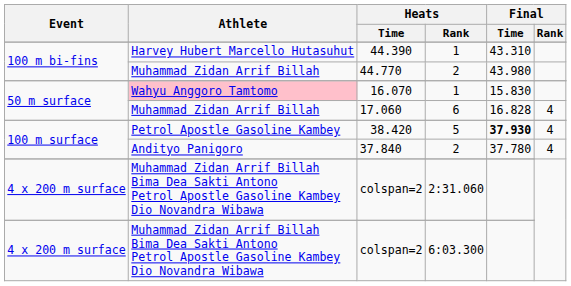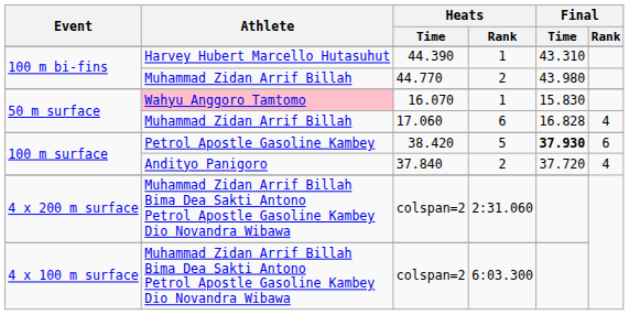 <table class=wikitable style="font-size:90%">
 <tr>
 <th rowspan="2">Event</th>
 <th rowspan="2">Athlete</th>
 <th colspan="2">Heats</th>
 <th colspan="2">Final</th>
 </tr>
 <tr style="font-size:95%">
 <th>Time</th>
 <th>Rank</th>
 <th>Time</th>
 <th>Rank</th>
 </tr>
 <tr>
 </tr>
 <tr align=center>
 <td align="left" rowspan=2><a href='#'>100 m bi-fins</a></td>
 <td align=left><a href='#'>Harvey Hubert Marcello Hutasuhut</a></td>
 <td>44.390</td>
 <td>1</td>
 <td>43.310</td>
 <td></td>
 </tr>
 <tr>
 <td align=left><a href='#'>Muhammad Zidan Arrif Billah</a></td>
 <td>44.770</td>
 <td align=center>2</td>
 <td align=center>43.980</td>
 <td align=center></td>
 </tr>
 <tr>
 </tr>
 <tr align=center>
 <td align="left" rowspan=2><a href='#'>50 m surface</a></td>
 <td align=left style="background: pink;"><a href='#'>Wahyu Anggoro Tamtomo</a></td>
 <td>16.070</td>
 <td>1</td>
 <td>15.830</td>
 <td></td>
 </tr>
 <tr>
 <td align=left><a href='#'>Muhammad Zidan Arrif Billah</a></td>
 <td>17.060</td>
 <td align=center>6</td>
 <td align=center>16.828</td>
 <td align=center>4</td>
 </tr>
 <tr>
 </tr>
 <tr align=center>
 <td align="left" rowspan=2><a href='#'>100 m surface</a></td>
 <td align=left><a href='#'>Petrol Apostle Gasoline Kambey</a></td>
 <td>38.420</td>
 <td>5</td>
 <td><strong>37.930</strong></td>
-<td>4</td>
+<td>6</td>
 </tr>
 <tr>
 <td align=left><a href='#'>Andityo Panigoro</a></td>
 <td>37.840</td>
 <td align=center>2</td>
-<td align=center>37.780</td>
+<td align=center>37.720</td>
 <td align=center>4</td>
 </tr>
 <tr>
 </tr>
 <tr align=center>
 <td align="left"><a href='#'>4 x 200 m surface</a></td>
 <td align=left><a href='#'>Muhammad Zidan Arrif Billah</a><br><a href='#'>Bima Dea Sakti Antono</a><br> <a href='#'>Petrol Apostle Gasoline Kambey</a><br><a href='#'>Dio Novandra Wibawa</a></td>
 <td>colspan=2 </td>
 <td>2:31.060</td>
 <td></td>
 </tr>
 <tr>
 </tr>
 <tr align=center>
-<td align="left"><a href='#'>4 x 200 m surface</a></td>
+<td align="left"><a href='#'>4 x 100 m surface</a></td>
 <td align=left><a href='#'>Muhammad Zidan Arrif Billah</a><br><a href='#'>Bima Dea Sakti Antono</a><br> <a href='#'>Petrol Apostle Gasoline Kambey</a><br><a href='#'>Dio Novandra Wibawa</a></td>
 <td>colspan=2 </td>
 <td>6:03.300</td>
 <td></td>
 </tr>
 </table>
